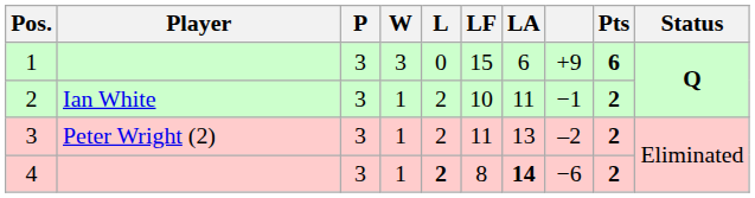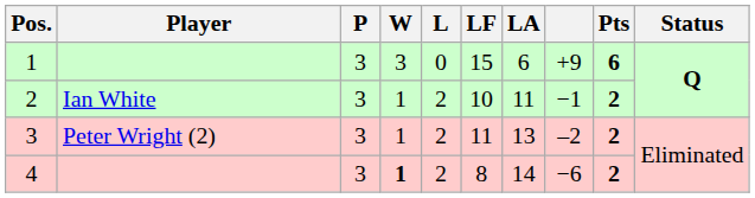 <table class="wikitable" style="text-align:center; margin: 1em auto 1em auto, align:left">
 <tr>
 <th width=20>Pos.</th>
 <th width=185>Player</th>
 <th width=20>P</th>
 <th width=20>W</th>
 <th width=20>L</th>
 <th width=20>LF</th>
 <th width=20>LA</th>
 <th width=25></th>
 <th width=20>Pts</th>
 <th width=70>Status</th>
 </tr>
 <tr style="background:#CCFFCC;">
 <td>1</td>
 <td align=left></td>
 <td>3</td>
 <td>3</td>
 <td>0</td>
 <td>15</td>
 <td>6</td>
 <td>+9</td>
 <td><strong>6</strong></td>
 <td rowspan=2><strong>Q</strong></td>
 </tr>
 <tr style="background:#CCFFCC;">
 <td>2</td>
 <td align=left> <a href='#'>Ian White</a></td>
 <td>3</td>
 <td>1</td>
 <td>2</td>
 <td>10</td>
 <td>11</td>
 <td>−1</td>
 <td><strong>2</strong></td>
 </tr>
 <tr style="background:#FFCCCC;">
 <td>3</td>
 <td align=left> <a href='#'>Peter Wright</a> (2)</td>
 <td>3</td>
 <td>1</td>
 <td>2</td>
 <td>11</td>
 <td>13</td>
 <td>–2</td>
 <td><strong>2</strong></td>
 <td rowspan=2>Eliminated</td>
 </tr>
 <tr style="background:#FFCCCC;">
 <td>4</td>
 <td align=left></td>
 <td>3</td>
-<td>1</td>
-<td><strong>2</strong></td>
+<td><strong>1</strong></td>
+<td>2</td>
 <td>8</td>
-<td><strong>14</strong></td>
+<td>14</td>
 <td>−6</td>
 <td><strong>2</strong></td>
 </tr>
 </table>
